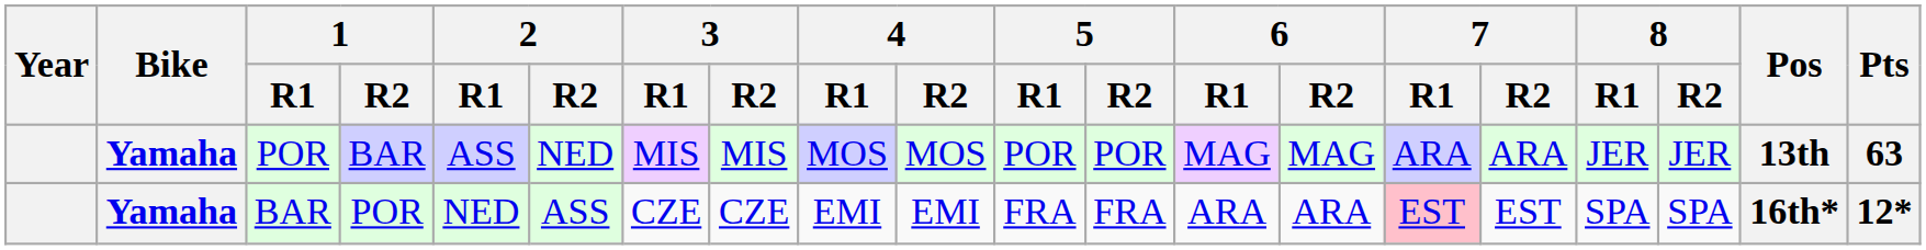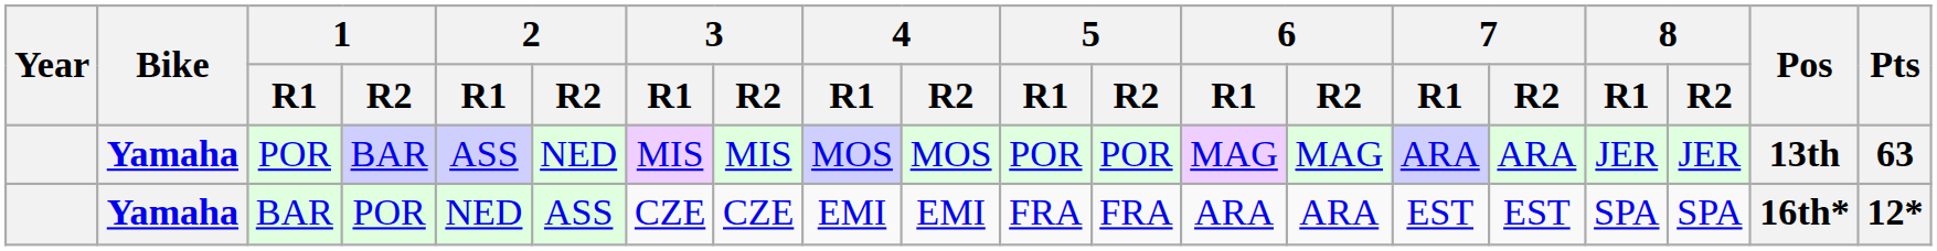 <table class="wikitable" style="text-align:center;">
 <tr>
 <th rowspan="2">Year</th>
 <th rowspan="2">Bike</th>
 <th colspan="2">1</th>
 <th colspan="2">2</th>
 <th colspan="2">3</th>
 <th colspan="2">4</th>
 <th colspan="2">5</th>
 <th colspan="2">6</th>
 <th colspan="2">7</th>
 <th colspan="2">8</th>
 <th rowspan="2">Pos</th>
 <th rowspan="2">Pts</th>
 </tr>
 <tr>
 <th>R1</th>
 <th>R2</th>
 <th>R1</th>
 <th>R2</th>
 <th>R1</th>
 <th>R2</th>
 <th>R1</th>
 <th>R2</th>
 <th>R1</th>
 <th>R2</th>
 <th>R1</th>
 <th>R2</th>
 <th>R1</th>
 <th>R2</th>
 <th>R1</th>
 <th>R2</th>
 </tr>
 <tr>
 <th></th>
 <th><a href='#'>Yamaha</a></th>
 <td style="background:#DFFFDF;"><a href='#'>POR</a> <br></td>
 <td style="background:#CFCFFF;"><a href='#'>BAR</a><br></td>
 <td style="background:#CFCFFF;"><a href='#'>ASS</a><br></td>
 <td style="background:#DFFFDF;"><a href='#'>NED</a><br></td>
 <td style="background:#EFCFFF;"><a href='#'>MIS</a><br></td>
 <td style="background:#DFFFDF;"><a href='#'>MIS</a><br></td>
 <td style="background:#CFCFFF;"><a href='#'>MOS</a><br></td>
 <td style="background:#DFFFDF;"><a href='#'>MOS</a><br></td>
 <td style="background:#DFFFDF;"><a href='#'>POR</a><br></td>
 <td style="background:#DFFFDF;"><a href='#'>POR</a><br></td>
 <td style="background:#EFCFFF;"><a href='#'>MAG</a><br></td>
 <td style="background:#DFFFDF;"><a href='#'>MAG</a><br></td>
 <td style="background:#CFCFFF;"><a href='#'>ARA</a><br></td>
 <td style="background:#DFFFDF;"><a href='#'>ARA</a><br></td>
 <td style="background:#DFFFDF;"><a href='#'>JER</a><br></td>
 <td style="background:#DFFFDF;"><a href='#'>JER</a><br></td>
 <th>13th</th>
 <th>63</th>
 </tr>
 <tr>
 <th></th>
 <th><a href='#'>Yamaha</a></th>
 <td style="background:#DFFFDF;"><a href='#'>BAR</a><br></td>
 <td style="background:#DFFFDF;"><a href='#'>POR</a> <br></td>
 <td style="background:#DFFFDF;"><a href='#'>NED</a><br></td>
 <td style="background:#DFFFDF;"><a href='#'>ASS</a><br></td>
 <td><a href='#'>CZE</a></td>
 <td><a href='#'>CZE</a></td>
 <td><a href='#'>EMI</a></td>
 <td><a href='#'>EMI</a></td>
 <td><a href='#'>FRA</a></td>
 <td><a href='#'>FRA</a></td>
 <td><a href='#'>ARA</a></td>
 <td><a href='#'>ARA</a></td>
-<td style="background: pink;"><a href='#'>EST</a></td>
+<td><a href='#'>EST</a></td>
 <td><a href='#'>EST</a></td>
 <td><a href='#'>SPA</a></td>
 <td><a href='#'>SPA</a></td>
 <th>16th*</th>
 <th>12*</th>
 </tr>
 </table>
